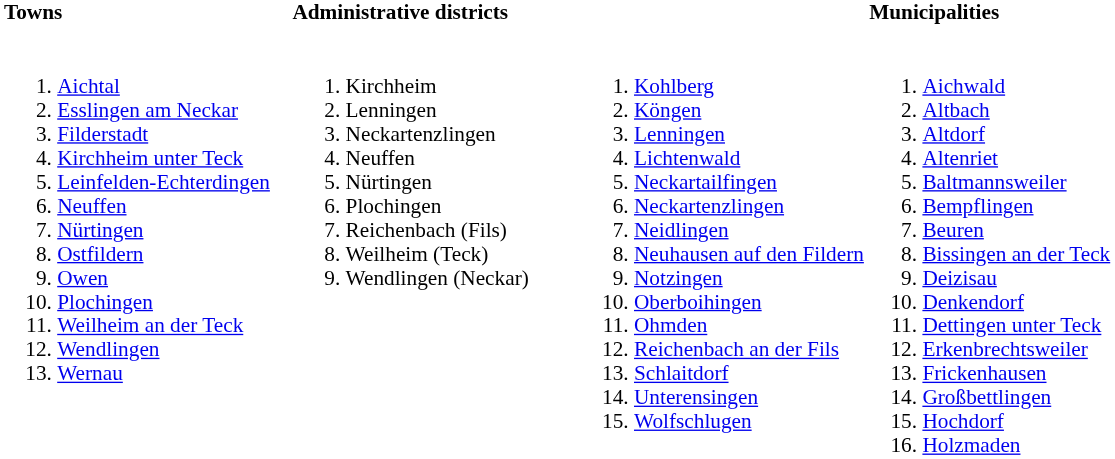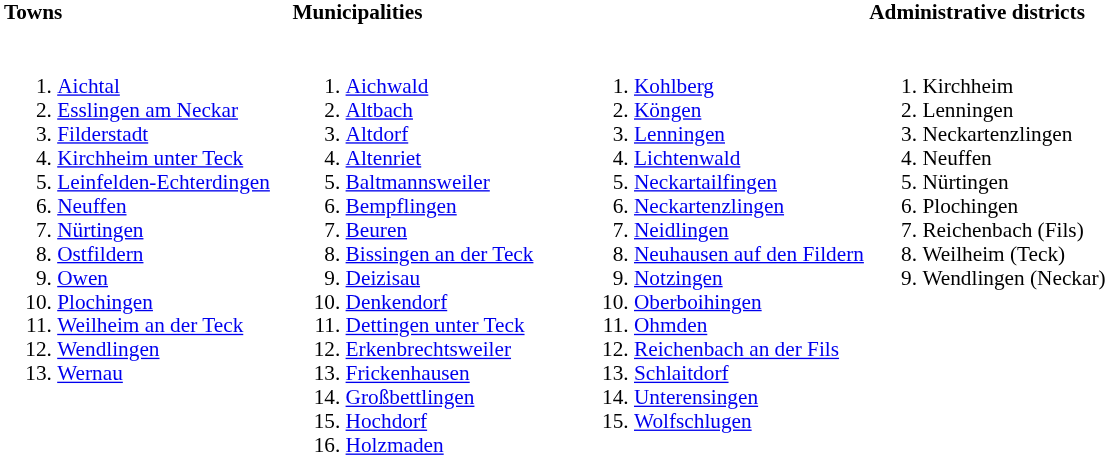 <table>
 <tr>
 <th width=25% align=left>Towns</th>
+<th width=25% align=left>Municipalities</th>
+<th width=25%></th>
 <th width=25% align=left>Administrative districts</th>
-<th width=25%></th>
-<th width=25% align=left>Municipalities</th>
 </tr>
 <tr valign=top>
 <td><br><ol><li><a href='#'>Aichtal</a></li><li><a href='#'>Esslingen am Neckar</a></li><li><a href='#'>Filderstadt</a></li><li><a href='#'>Kirchheim unter Teck</a></li><li><a href='#'>Leinfelden-Echterdingen</a></li><li><a href='#'>Neuffen</a></li><li><a href='#'>Nürtingen</a></li><li><a href='#'>Ostfildern</a></li><li><a href='#'>Owen</a></li><li><a href='#'>Plochingen</a></li><li><a href='#'>Weilheim an der Teck</a></li><li><a href='#'>Wendlingen</a></li><li><a href='#'>Wernau</a></li></ol></td>
+<td><br><ol><li><a href='#'>Aichwald</a></li><li><a href='#'>Altbach</a></li><li><a href='#'>Altdorf</a></li><li><a href='#'>Altenriet</a></li><li><a href='#'>Baltmannsweiler</a></li><li><a href='#'>Bempflingen</a></li><li><a href='#'>Beuren</a></li><li><a href='#'>Bissingen an der Teck</a></li><li><a href='#'>Deizisau</a></li><li><a href='#'>Denkendorf</a></li><li><a href='#'>Dettingen unter Teck</a></li><li><a href='#'>Erkenbrechtsweiler</a></li><li><a href='#'>Frickenhausen</a></li><li><a href='#'>Großbettlingen</a></li><li><a href='#'>Hochdorf</a></li><li><a href='#'>Holzmaden</a></li></ol></td>
+<td><br><ol> <li><a href='#'>Kohlberg</a></li> <li><a href='#'>Köngen</a></li> <li><a href='#'>Lenningen</a></li> <li><a href='#'>Lichtenwald</a></li> <li><a href='#'>Neckartailfingen</a></li> <li><a href='#'>Neckartenzlingen</a> <li><a href='#'>Neidlingen</a> <li><a href='#'>Neuhausen auf den Fildern</a><li><a href='#'>Notzingen</a> <li><a href='#'>Oberboihingen</a></li> <li><a href='#'>Ohmden</a></li> <li><a href='#'>Reichenbach an der Fils</a></li> <li><a href='#'>Schlaitdorf</a></li> <li><a href='#'>Unterensingen</a></li> <li><a href='#'>Wolfschlugen</a></li> </ol></td>
 <td><br><ol><li>Kirchheim</li><li>Lenningen</li><li>Neckartenzlingen</li><li>Neuffen</li><li>Nürtingen</li><li>Plochingen</li><li>Reichenbach (Fils)</li><li>Weilheim (Teck)</li><li>Wendlingen (Neckar)</li></ol></td>
-<td><br><ol> <li><a href='#'>Kohlberg</a></li> <li><a href='#'>Köngen</a></li> <li><a href='#'>Lenningen</a></li> <li><a href='#'>Lichtenwald</a></li> <li><a href='#'>Neckartailfingen</a></li> <li><a href='#'>Neckartenzlingen</a> <li><a href='#'>Neidlingen</a> <li><a href='#'>Neuhausen auf den Fildern</a><li><a href='#'>Notzingen</a> <li><a href='#'>Oberboihingen</a></li> <li><a href='#'>Ohmden</a></li> <li><a href='#'>Reichenbach an der Fils</a></li> <li><a href='#'>Schlaitdorf</a></li> <li><a href='#'>Unterensingen</a></li> <li><a href='#'>Wolfschlugen</a></li> </ol></td>
-<td><br><ol><li><a href='#'>Aichwald</a></li><li><a href='#'>Altbach</a></li><li><a href='#'>Altdorf</a></li><li><a href='#'>Altenriet</a></li><li><a href='#'>Baltmannsweiler</a></li><li><a href='#'>Bempflingen</a></li><li><a href='#'>Beuren</a></li><li><a href='#'>Bissingen an der Teck</a></li><li><a href='#'>Deizisau</a></li><li><a href='#'>Denkendorf</a></li><li><a href='#'>Dettingen unter Teck</a></li><li><a href='#'>Erkenbrechtsweiler</a></li><li><a href='#'>Frickenhausen</a></li><li><a href='#'>Großbettlingen</a></li><li><a href='#'>Hochdorf</a></li><li><a href='#'>Holzmaden</a></li></ol></td>
 </tr>
 </table>
